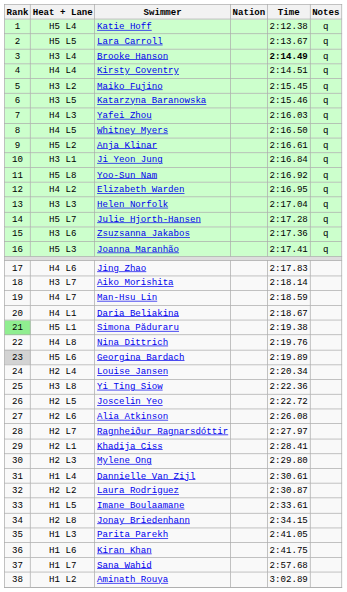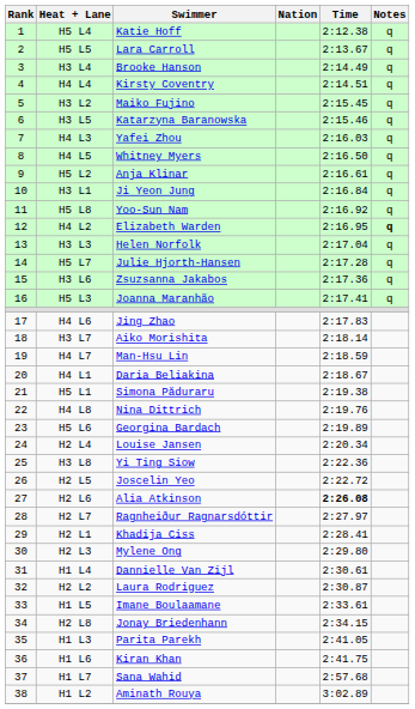 <table class="wikitable sortable" style="text-align:center">
 <tr>
 <th>Rank</th>
 <th>Heat + Lane</th>
 <th>Swimmer</th>
 <th>Nation</th>
 <th>Time</th>
 <th>Notes</th>
 </tr>
 <tr bgcolor=ccffcc>
 <td>1</td>
 <td>H5 L4</td>
 <td align=left><a href='#'>Katie Hoff</a></td>
 <td align=left></td>
 <td>2:12.38</td>
 <td>q</td>
 </tr>
 <tr bgcolor=ccffcc>
 <td>2</td>
 <td>H5 L5</td>
 <td align=left><a href='#'>Lara Carroll</a></td>
 <td align=left></td>
 <td>2:13.67</td>
 <td>q</td>
 </tr>
 <tr bgcolor=ccffcc>
 <td>3</td>
 <td>H3 L4</td>
 <td align=left><a href='#'>Brooke Hanson</a></td>
 <td align=left></td>
-<td><strong>2:14.49</strong></td>
+<td>2:14.49</td>
 <td>q</td>
 </tr>
 <tr bgcolor=ccffcc>
 <td>4</td>
 <td>H4 L4</td>
 <td align=left><a href='#'>Kirsty Coventry</a></td>
 <td align=left></td>
 <td>2:14.51</td>
 <td>q</td>
 </tr>
 <tr bgcolor=ccffcc>
 <td>5</td>
 <td>H3 L2</td>
 <td align=left><a href='#'>Maiko Fujino</a></td>
 <td align=left></td>
 <td>2:15.45</td>
 <td>q</td>
 </tr>
 <tr bgcolor=ccffcc>
 <td>6</td>
 <td>H3 L5</td>
 <td align=left><a href='#'>Katarzyna Baranowska</a></td>
 <td align=left></td>
 <td>2:15.46</td>
 <td>q</td>
 </tr>
 <tr bgcolor=ccffcc>
 <td>7</td>
 <td>H4 L3</td>
 <td align=left><a href='#'>Yafei Zhou</a></td>
 <td align=left></td>
 <td>2:16.03</td>
 <td>q</td>
 </tr>
 <tr bgcolor=ccffcc>
 <td>8</td>
 <td>H4 L5</td>
 <td align=left><a href='#'>Whitney Myers</a></td>
 <td align=left></td>
 <td>2:16.50</td>
 <td>q</td>
 </tr>
 <tr bgcolor=ccffcc>
 <td>9</td>
 <td>H5 L2</td>
 <td align=left><a href='#'>Anja Klinar</a></td>
 <td align=left></td>
 <td>2:16.61</td>
 <td>q</td>
 </tr>
 <tr bgcolor=ccffcc>
 <td>10</td>
 <td>H3 L1</td>
 <td align=left><a href='#'>Ji Yeon Jung</a></td>
 <td align=left></td>
 <td>2:16.84</td>
 <td>q</td>
 </tr>
 <tr bgcolor=ccffcc>
 <td>11</td>
 <td>H5 L8</td>
 <td align=left><a href='#'>Yoo-Sun Nam</a></td>
 <td align=left></td>
 <td>2:16.92</td>
 <td>q</td>
 </tr>
 <tr bgcolor=ccffcc>
 <td>12</td>
 <td>H4 L2</td>
 <td align=left><a href='#'>Elizabeth Warden</a></td>
 <td align=left></td>
 <td>2:16.95</td>
-<td>q</td>
+<td><strong>q</strong></td>
 </tr>
 <tr bgcolor=ccffcc>
 <td>13</td>
 <td>H3 L3</td>
 <td align=left><a href='#'>Helen Norfolk</a></td>
 <td align=left></td>
 <td>2:17.04</td>
 <td>q</td>
 </tr>
 <tr bgcolor=ccffcc>
 <td>14</td>
 <td>H5 L7</td>
 <td align=left><a href='#'>Julie Hjorth-Hansen</a></td>
 <td align=left></td>
 <td>2:17.28</td>
 <td>q</td>
 </tr>
 <tr bgcolor=ccffcc>
 <td>15</td>
 <td>H3 L6</td>
 <td align=left><a href='#'>Zsuzsanna Jakabos</a></td>
 <td align=left></td>
 <td>2:17.36</td>
 <td>q</td>
 </tr>
 <tr bgcolor=ccffcc>
 <td>16</td>
 <td>H5 L3</td>
 <td align=left><a href='#'>Joanna Maranhão</a></td>
 <td align=left></td>
 <td>2:17.41</td>
 <td>q</td>
 </tr>
 <tr bgcolor=#DDDDDD>
 <td colspan=6></td>
 </tr>
 <tr>
 <td>17</td>
 <td>H4 L6</td>
 <td align=left><a href='#'>Jing Zhao</a></td>
 <td align=left></td>
 <td>2:17.83</td>
 <td></td>
 </tr>
 <tr>
 <td>18</td>
 <td>H3 L7</td>
 <td align=left><a href='#'>Aiko Morishita</a></td>
 <td align=left></td>
 <td>2:18.14</td>
 <td></td>
 </tr>
 <tr>
 <td>19</td>
 <td>H4 L7</td>
 <td align=left><a href='#'>Man-Hsu Lin</a></td>
 <td align=left></td>
 <td>2:18.59</td>
 <td></td>
 </tr>
 <tr>
 <td>20</td>
 <td>H4 L1</td>
 <td align=left><a href='#'>Daria Beliakina</a></td>
 <td align=left></td>
 <td>2:18.67</td>
 <td></td>
 </tr>
 <tr>
-<td style="background: lightgreen;">21</td>
+<td>21</td>
 <td>H5 L1</td>
 <td align=left><a href='#'>Simona Păduraru</a></td>
 <td align=left></td>
 <td>2:19.38</td>
 <td></td>
 </tr>
 <tr>
 <td>22</td>
 <td>H4 L8</td>
 <td align=left><a href='#'>Nina Dittrich</a></td>
 <td align=left></td>
 <td>2:19.76</td>
 <td></td>
 </tr>
 <tr>
-<td style="background: lightgrey;">23</td>
+<td>23</td>
 <td>H5 L6</td>
 <td align=left><a href='#'>Georgina Bardach</a></td>
 <td align=left></td>
 <td>2:19.89</td>
 <td></td>
 </tr>
 <tr>
 <td>24</td>
 <td>H2 L4</td>
 <td align=left><a href='#'>Louise Jansen</a></td>
 <td align=left></td>
 <td>2:20.34</td>
 <td></td>
 </tr>
 <tr>
 <td>25</td>
 <td>H3 L8</td>
 <td align=left><a href='#'>Yi Ting Siow</a></td>
 <td align=left></td>
 <td>2:22.36</td>
 <td></td>
 </tr>
 <tr>
 <td>26</td>
 <td>H2 L5</td>
 <td align=left><a href='#'>Joscelin Yeo</a></td>
 <td align=left></td>
 <td>2:22.72</td>
 <td></td>
 </tr>
 <tr>
 <td>27</td>
 <td>H2 L6</td>
 <td align=left><a href='#'>Alia Atkinson</a></td>
 <td align=left></td>
-<td>2:26.08</td>
+<td><strong>2:26.08</strong></td>
 <td></td>
 </tr>
 <tr>
 <td>28</td>
 <td>H2 L7</td>
 <td align=left><a href='#'>Ragnheiður Ragnarsdóttir</a></td>
 <td align=left></td>
 <td>2:27.97</td>
 <td></td>
 </tr>
 <tr>
 <td>29</td>
 <td>H2 L1</td>
 <td align=left><a href='#'>Khadija Ciss</a></td>
 <td align=left></td>
 <td>2:28.41</td>
 <td></td>
 </tr>
 <tr>
 <td>30</td>
 <td>H2 L3</td>
 <td align=left><a href='#'>Mylene Ong</a></td>
 <td align=left></td>
 <td>2:29.80</td>
 <td></td>
 </tr>
 <tr>
 <td>31</td>
 <td>H1 L4</td>
 <td align=left><a href='#'>Dannielle Van Zijl</a></td>
 <td align=left></td>
 <td>2:30.61</td>
 <td></td>
 </tr>
 <tr>
 <td>32</td>
 <td>H2 L2</td>
 <td align=left><a href='#'>Laura Rodriguez</a></td>
 <td align=left></td>
 <td>2:30.87</td>
 <td></td>
 </tr>
 <tr>
 <td>33</td>
 <td>H1 L5</td>
 <td align=left><a href='#'>Imane Boulaamane</a></td>
 <td align=left></td>
 <td>2:33.61</td>
 <td></td>
 </tr>
 <tr>
 <td>34</td>
 <td>H2 L8</td>
 <td align=left><a href='#'>Jonay Briedenhann</a></td>
 <td align=left></td>
 <td>2:34.15</td>
 <td></td>
 </tr>
 <tr>
 <td>35</td>
 <td>H1 L3</td>
 <td align=left><a href='#'>Parita Parekh</a></td>
 <td align=left></td>
 <td>2:41.05</td>
 <td></td>
 </tr>
 <tr>
 <td>36</td>
 <td>H1 L6</td>
 <td align=left><a href='#'>Kiran Khan</a></td>
 <td align=left></td>
 <td>2:41.75</td>
 <td></td>
 </tr>
 <tr>
 <td>37</td>
 <td>H1 L7</td>
 <td align=left><a href='#'>Sana Wahid</a></td>
 <td align=left></td>
 <td>2:57.68</td>
 <td></td>
 </tr>
 <tr>
 <td>38</td>
 <td>H1 L2</td>
 <td align=left><a href='#'>Aminath Rouya</a></td>
 <td align=left></td>
 <td>3:02.89</td>
 <td></td>
 </tr>
 <tr>
 </tr>
 </table>
